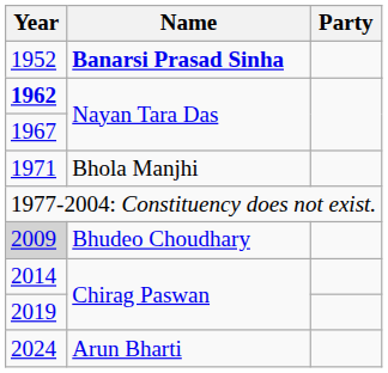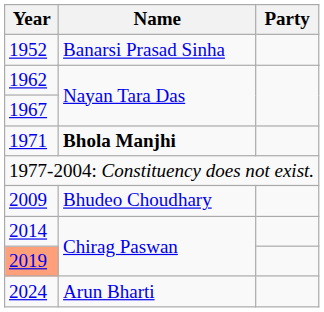 <table class="wikitable">
 <tr>
 <th>Year</th>
 <th>Name</th>
 <th colspan="2">Party</th>
 </tr>
 <tr>
 <td rowspan="2"><a href='#'>1952</a></td>
-<td><strong><a href='#'>Banarsi Prasad Sinha</a></strong></td>
+<td><a href='#'>Banarsi Prasad Sinha</a></td>
 <td></td>
 </tr>
 <tr>
 <td rowspan="3"><a href='#'>Nayan Tara Das</a></td>
 </tr>
 <tr>
-<td><strong><a href='#'>1962</a></strong></td>
+<td><a href='#'>1962</a></td>
 </tr>
 <tr>
 <td><a href='#'>1967</a></td>
 </tr>
 <tr>
 <td><a href='#'>1971</a></td>
-<td>Bhola Manjhi</td>
+<td><strong>Bhola Manjhi</strong></td>
 <td></td>
 </tr>
 <tr>
 <td colspan="4">1977-2004: <em>Constituency does not exist.</em></td>
 </tr>
 <tr>
-<td style="background: lightgrey;"><a href='#'>2009</a></td>
+<td><a href='#'>2009</a></td>
 <td><a href='#'>Bhudeo Choudhary</a></td>
 <td></td>
 </tr>
 <tr>
 <td><a href='#'>2014</a></td>
 <td rowspan="2"><a href='#'>Chirag Paswan</a></td>
 <td></td>
 </tr>
 <tr>
-<td><a href='#'>2019</a></td>
+<td style="background: lightsalmon;"><a href='#'>2019</a></td>
 </tr>
 <tr>
 <td><a href='#'>2024</a></td>
 <td><a href='#'>Arun Bharti</a></td>
 <td></td>
 </tr>
 </table>
